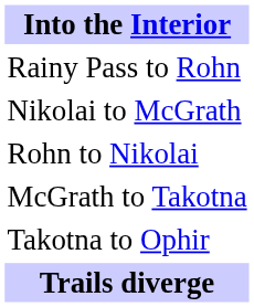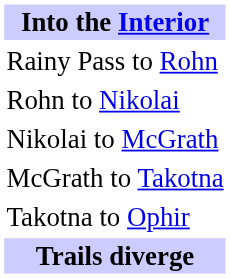 <table class="toccolours" style="float:right; margin:0 .4em; font-size:95%">
 <tr>
 <th style="text-align:center; background:#ccf;">Into the <a href='#'>Interior</a></th>
 </tr>
 <tr>
 <td>Rainy Pass to <a href='#'>Rohn</a> </td>
 </tr>
 <tr>
-<td>Nikolai to <a href='#'>McGrath</a> </td>
+<td>Rohn to <a href='#'>Nikolai</a> </td>
 </tr>
 <tr>
-<td>Rohn to <a href='#'>Nikolai</a> </td>
+<td>Nikolai to <a href='#'>McGrath</a> </td>
 </tr>
 <tr>
 <td>McGrath to <a href='#'>Takotna</a> </td>
 </tr>
 <tr>
 <td>Takotna to <a href='#'>Ophir</a> </td>
 </tr>
 <tr>
 <th style="text-align:center; background:#ccf;">Trails diverge</th>
 </tr>
 </table>
